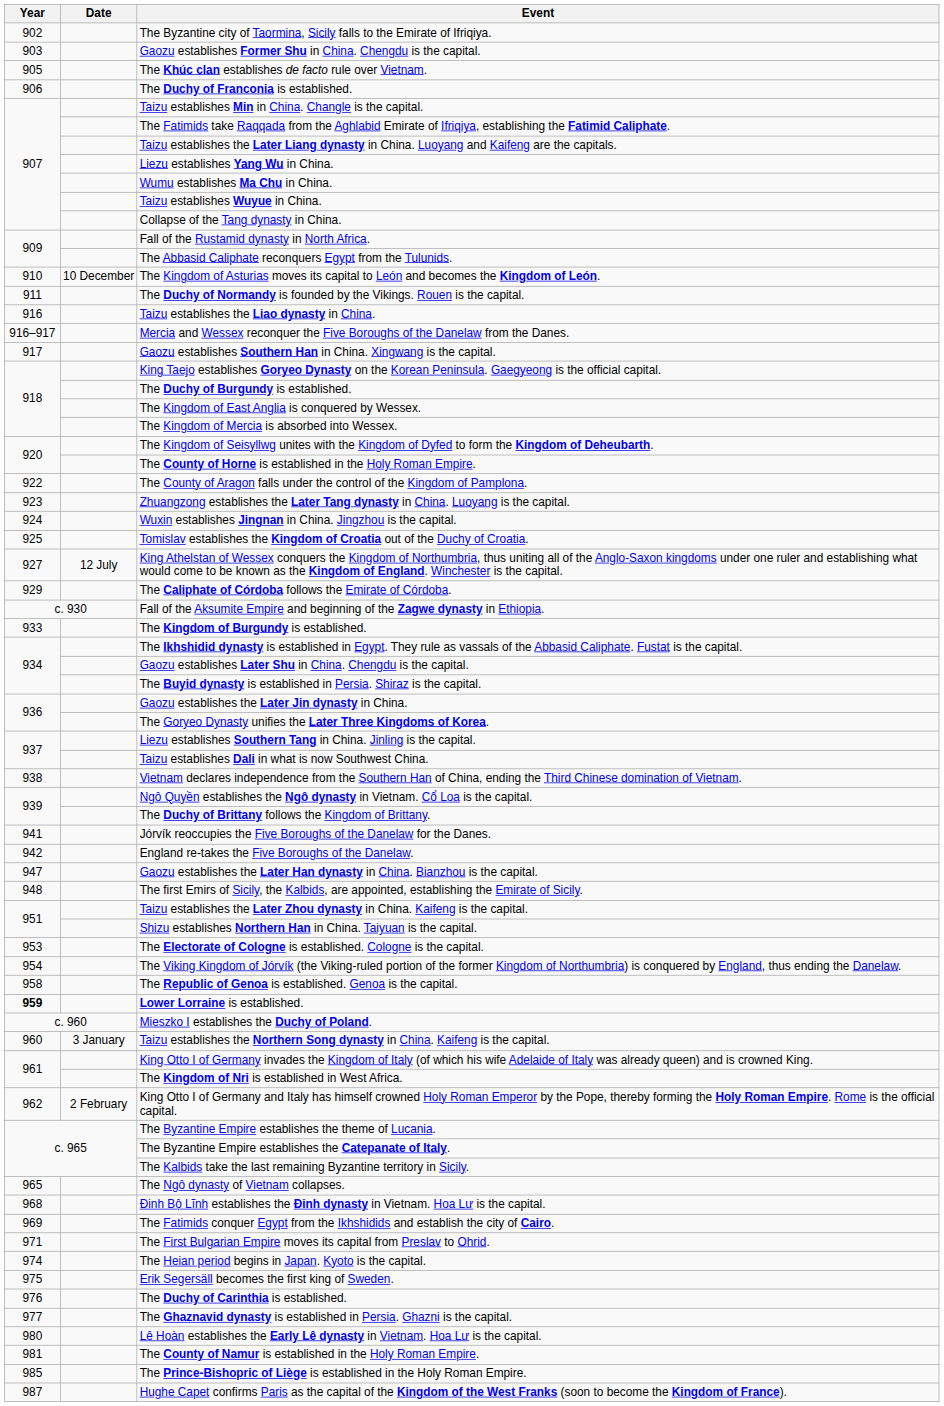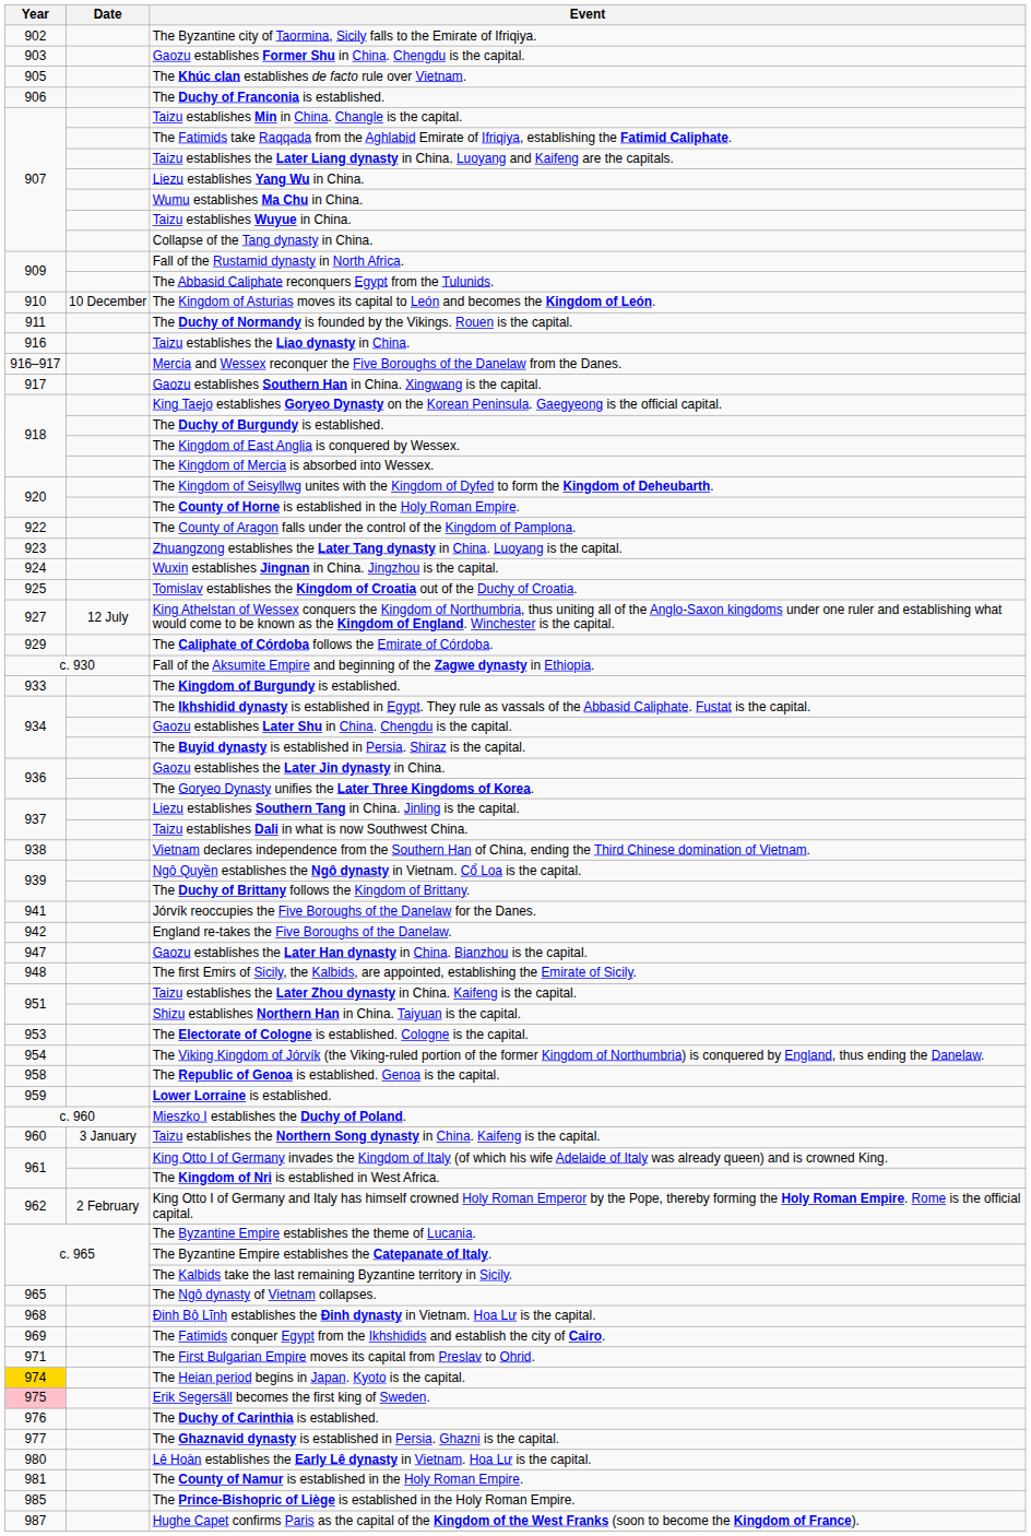 <table class=wikitable style="width:100%;">
 <tr>
 <th style="width:6%">Year</th>
 <th style="width:8%">Date</th>
 <th style="width:86%">Event</th>
 </tr>
 <tr>
 <td align=center>902</td>
 <td align=center></td>
 <td>The Byzantine city of <a href='#'>Taormina</a>, <a href='#'>Sicily</a> falls to the Emirate of Ifriqiya.</td>
 </tr>
 <tr>
 <td align=center>903</td>
 <td align=center></td>
 <td><a href='#'>Gaozu</a> establishes <strong><a href='#'>Former Shu</a></strong> in <a href='#'>China</a>. <a href='#'>Chengdu</a> is the capital.</td>
 </tr>
 <tr>
 <td align=center>905</td>
 <td align=center></td>
 <td>The <strong><a href='#'>Khúc clan</a></strong> establishes <em>de facto</em> rule over <a href='#'>Vietnam</a>.</td>
 </tr>
 <tr>
 <td align=center>906</td>
 <td align=center></td>
 <td>The <strong><a href='#'>Duchy of Franconia</a></strong> is established.</td>
 </tr>
 <tr>
 <td rowspan=7 align=center>907</td>
 <td align=center></td>
 <td><a href='#'>Taizu</a> establishes <strong><a href='#'>Min</a></strong> in <a href='#'>China</a>. <a href='#'>Changle</a> is the capital.</td>
 </tr>
 <tr>
 <td></td>
 <td>The <a href='#'>Fatimids</a> take <a href='#'>Raqqada</a> from the <a href='#'>Aghlabid</a> Emirate of <a href='#'>Ifriqiya</a>, establishing the <strong><a href='#'>Fatimid Caliphate</a></strong>.</td>
 </tr>
 <tr>
 <td></td>
 <td><a href='#'>Taizu</a> establishes the <strong><a href='#'>Later Liang dynasty</a></strong> in China. <a href='#'>Luoyang</a> and <a href='#'>Kaifeng</a> are the capitals.</td>
 </tr>
 <tr>
 <td></td>
 <td><a href='#'>Liezu</a> establishes <strong><a href='#'>Yang Wu</a></strong> in China.</td>
 </tr>
 <tr>
 <td></td>
 <td><a href='#'>Wumu</a> establishes <strong><a href='#'>Ma Chu</a></strong> in China.</td>
 </tr>
 <tr>
 <td></td>
 <td><a href='#'>Taizu</a> establishes <strong><a href='#'>Wuyue</a></strong> in China.</td>
 </tr>
 <tr>
 <td></td>
 <td>Collapse of the <a href='#'>Tang dynasty</a> in China.</td>
 </tr>
 <tr>
 <td rowspan=2 align=center>909</td>
 <td align=center></td>
 <td>Fall of the <a href='#'>Rustamid dynasty</a> in <a href='#'>North Africa</a>.</td>
 </tr>
 <tr>
 <td></td>
 <td>The <a href='#'>Abbasid Caliphate</a> reconquers <a href='#'>Egypt</a> from the <a href='#'>Tulunids</a>.</td>
 </tr>
 <tr>
 <td align=center>910</td>
 <td align=center>10 December</td>
 <td>The <a href='#'>Kingdom of Asturias</a> moves its capital to <a href='#'>León</a> and becomes the <strong><a href='#'>Kingdom of León</a></strong>.</td>
 </tr>
 <tr>
 <td align=center>911</td>
 <td align=center></td>
 <td>The <strong><a href='#'>Duchy of Normandy</a></strong> is founded by the Vikings. <a href='#'>Rouen</a> is the capital.</td>
 </tr>
 <tr>
 <td align=center>916</td>
 <td align=center></td>
 <td><a href='#'>Taizu</a> establishes the <strong><a href='#'>Liao dynasty</a></strong> in <a href='#'>China</a>.</td>
 </tr>
 <tr>
 <td align=center>916–917</td>
 <td align=center></td>
 <td><a href='#'>Mercia</a> and <a href='#'>Wessex</a> reconquer the <a href='#'>Five Boroughs of the Danelaw</a> from the Danes.</td>
 </tr>
 <tr>
 <td align=center>917</td>
 <td align=center></td>
 <td><a href='#'>Gaozu</a> establishes <strong><a href='#'>Southern Han</a></strong> in China. <a href='#'>Xingwang</a> is the capital.</td>
 </tr>
 <tr>
 <td rowspan=4 align=center>918</td>
 <td align=center></td>
 <td><a href='#'>King Taejo</a> establishes <strong><a href='#'>Goryeo Dynasty</a></strong> on the <a href='#'>Korean Peninsula</a>. <a href='#'>Gaegyeong</a> is the official capital.</td>
 </tr>
 <tr>
 <td></td>
 <td>The <strong><a href='#'>Duchy of Burgundy</a></strong> is established.</td>
 </tr>
 <tr>
 <td></td>
 <td>The <a href='#'>Kingdom of East Anglia</a> is conquered by Wessex.</td>
 </tr>
 <tr>
 <td></td>
 <td>The <a href='#'>Kingdom of Mercia</a> is absorbed into Wessex.</td>
 </tr>
 <tr>
 <td rowspan=2 align=center>920</td>
 <td align=center></td>
 <td>The <a href='#'>Kingdom of Seisyllwg</a> unites with the <a href='#'>Kingdom of Dyfed</a> to form the <strong><a href='#'>Kingdom of Deheubarth</a></strong>.</td>
 </tr>
 <tr>
 <td></td>
 <td>The <strong><a href='#'>County of Horne</a></strong> is established in the <a href='#'>Holy Roman Empire</a>.</td>
 </tr>
 <tr>
 <td align=center>922</td>
 <td align=center></td>
 <td>The <a href='#'>County of Aragon</a> falls under the control of the <a href='#'>Kingdom of Pamplona</a>.</td>
 </tr>
 <tr>
 <td align=center>923</td>
 <td align=center></td>
 <td><a href='#'>Zhuangzong</a> establishes the <strong><a href='#'>Later Tang dynasty</a></strong> in <a href='#'>China</a>. <a href='#'>Luoyang</a> is the capital.</td>
 </tr>
 <tr>
 <td align=center>924</td>
 <td align=center></td>
 <td><a href='#'>Wuxin</a> establishes <strong><a href='#'>Jingnan</a></strong> in China. <a href='#'>Jingzhou</a> is the capital.</td>
 </tr>
 <tr>
 <td align=center>925</td>
 <td align=center></td>
 <td><a href='#'>Tomislav</a> establishes the <strong><a href='#'>Kingdom of Croatia</a></strong> out of the <a href='#'>Duchy of Croatia</a>.</td>
 </tr>
 <tr>
 <td align=center>927</td>
 <td align=center>12 July</td>
 <td><a href='#'>King Athelstan of Wessex</a> conquers the <a href='#'>Kingdom of Northumbria</a>, thus uniting all of the <a href='#'>Anglo-Saxon kingdoms</a> under one ruler and establishing what would come to be known as the <strong><a href='#'>Kingdom of England</a></strong>. <a href='#'>Winchester</a> is the capital.</td>
 </tr>
 <tr>
 <td align=center>929</td>
 <td align=center></td>
 <td>The <strong><a href='#'>Caliphate of Córdoba</a></strong> follows the <a href='#'>Emirate of Córdoba</a>.</td>
 </tr>
 <tr>
 <td align=center colspan=2>c. 930</td>
 <td>Fall of the <a href='#'>Aksumite Empire</a> and beginning of the <strong><a href='#'>Zagwe dynasty</a></strong> in <a href='#'>Ethiopia</a>.</td>
 </tr>
 <tr>
 <td align=center>933</td>
 <td align=center></td>
 <td>The <strong><a href='#'>Kingdom of Burgundy</a></strong> is established.</td>
 </tr>
 <tr>
 <td rowspan=3 align=center>934</td>
 <td align=center></td>
 <td>The <strong><a href='#'>Ikhshidid dynasty</a></strong> is established in <a href='#'>Egypt</a>. They rule as vassals of the <a href='#'>Abbasid Caliphate</a>. <a href='#'>Fustat</a> is the capital.</td>
 </tr>
 <tr>
 <td></td>
 <td><a href='#'>Gaozu</a> establishes <strong><a href='#'>Later Shu</a></strong> in <a href='#'>China</a>. <a href='#'>Chengdu</a> is the capital.</td>
 </tr>
 <tr>
 <td></td>
 <td>The <strong><a href='#'>Buyid dynasty</a></strong> is established in <a href='#'>Persia</a>. <a href='#'>Shiraz</a> is the capital.</td>
 </tr>
 <tr>
 <td align=center rowspan=2>936</td>
 <td align=center></td>
 <td><a href='#'>Gaozu</a> establishes the <strong><a href='#'>Later Jin dynasty</a></strong> in China.</td>
 </tr>
 <tr>
 <td></td>
 <td>The <a href='#'>Goryeo Dynasty</a> unifies the <strong><a href='#'>Later Three Kingdoms of Korea</a></strong>.</td>
 </tr>
 <tr>
 <td align=center rowspan=2>937</td>
 <td align=center></td>
 <td><a href='#'>Liezu</a> establishes <strong><a href='#'>Southern Tang</a></strong> in China. <a href='#'>Jinling</a> is the capital.</td>
 </tr>
 <tr>
 <td></td>
 <td><a href='#'>Taizu</a> establishes <strong><a href='#'>Dali</a></strong> in what is now Southwest China.</td>
 </tr>
 <tr>
 <td align=center>938</td>
 <td align=center></td>
 <td><a href='#'>Vietnam</a> declares independence from the <a href='#'>Southern Han</a> of China, ending the <a href='#'>Third Chinese domination of Vietnam</a>.</td>
 </tr>
 <tr>
 <td rowspan=2 align=center>939</td>
 <td align=center></td>
 <td><a href='#'>Ngô Quyền</a> establishes the <strong><a href='#'>Ngô dynasty</a></strong> in Vietnam. <a href='#'>Cổ Loa</a> is the capital.</td>
 </tr>
 <tr>
 <td></td>
 <td>The <strong><a href='#'>Duchy of Brittany</a></strong> follows the <a href='#'>Kingdom of Brittany</a>.</td>
 </tr>
 <tr>
 <td align=center>941</td>
 <td align=center></td>
 <td>Jórvík reoccupies the <a href='#'>Five Boroughs of the Danelaw</a> for the Danes.</td>
 </tr>
 <tr>
 <td align=center>942</td>
 <td align=center></td>
 <td>England re-takes the <a href='#'>Five Boroughs of the Danelaw</a>.</td>
 </tr>
 <tr>
 <td align=center>947</td>
 <td align=center></td>
 <td><a href='#'>Gaozu</a> establishes the <strong><a href='#'>Later Han dynasty</a></strong> in <a href='#'>China</a>. <a href='#'>Bianzhou</a> is the capital.</td>
 </tr>
 <tr>
 <td align=center>948</td>
 <td align=center></td>
 <td>The first Emirs of <a href='#'>Sicily</a>, the <a href='#'>Kalbids</a>, are appointed, establishing the <a href='#'>Emirate of Sicily</a>.</td>
 </tr>
 <tr>
 <td align=center rowspan=2>951</td>
 <td align=center></td>
 <td><a href='#'>Taizu</a> establishes the <strong><a href='#'>Later Zhou dynasty</a></strong> in China. <a href='#'>Kaifeng</a> is the capital.</td>
 </tr>
 <tr>
 <td></td>
 <td><a href='#'>Shizu</a> establishes <strong><a href='#'>Northern Han</a></strong> in China. <a href='#'>Taiyuan</a> is the capital.</td>
 </tr>
 <tr>
 <td align=center>953</td>
 <td align=center></td>
 <td>The <strong><a href='#'>Electorate of Cologne</a></strong> is established. <a href='#'>Cologne</a> is the capital.</td>
 </tr>
 <tr>
 <td align=center>954</td>
 <td align=center></td>
 <td>The <a href='#'>Viking Kingdom of Jórvík</a> (the Viking-ruled portion of the former <a href='#'>Kingdom of Northumbria</a>) is conquered by <a href='#'>England</a>, thus ending the <a href='#'>Danelaw</a>.</td>
 </tr>
 <tr>
 <td align=center>958</td>
 <td align=center></td>
 <td>The <strong><a href='#'>Republic of Genoa</a></strong> is established. <a href='#'>Genoa</a> is the capital.</td>
 </tr>
 <tr>
-<td align=center><strong>959</strong></td>
+<td align=center>959</td>
 <td align=center></td>
 <td><strong><a href='#'>Lower Lorraine</a></strong> is established.</td>
 </tr>
 <tr>
 <td align=center colspan=2>c. 960</td>
 <td><a href='#'>Mieszko I</a> establishes the <strong><a href='#'>Duchy of Poland</a></strong>.</td>
 </tr>
 <tr>
 <td align=center>960</td>
 <td align=center>3 January</td>
 <td><a href='#'>Taizu</a> establishes the <strong><a href='#'>Northern Song dynasty</a></strong> in <a href='#'>China</a>. <a href='#'>Kaifeng</a> is the capital.</td>
 </tr>
 <tr>
 <td rowspan=2 align=center>961</td>
 <td align=center></td>
 <td><a href='#'>King Otto I of Germany</a> invades the <a href='#'>Kingdom of Italy</a> (of which his wife <a href='#'>Adelaide of Italy</a> was already queen) and is crowned King.</td>
 </tr>
 <tr>
 <td></td>
 <td>The <strong><a href='#'>Kingdom of Nri</a></strong> is established in West Africa.</td>
 </tr>
 <tr>
 <td align=center>962</td>
 <td align=center>2 February</td>
 <td>King Otto I of Germany and Italy has himself crowned <a href='#'>Holy Roman Emperor</a> by the Pope, thereby forming the <strong><a href='#'>Holy Roman Empire</a></strong>. <a href='#'>Rome</a> is the official capital.</td>
 </tr>
 <tr>
 <td rowspan=3 colspan=2 align=center>c. 965</td>
 <td>The <a href='#'>Byzantine Empire</a> establishes the theme of <a href='#'>Lucania</a>.</td>
 </tr>
 <tr>
 <td>The Byzantine Empire establishes the <strong><a href='#'>Catepanate of Italy</a></strong>.</td>
 </tr>
 <tr>
 <td>The <a href='#'>Kalbids</a> take the last remaining Byzantine territory in <a href='#'>Sicily</a>.</td>
 </tr>
 <tr>
 <td align=center>965</td>
 <td align=center></td>
 <td>The <a href='#'>Ngô dynasty</a> of <a href='#'>Vietnam</a> collapses.</td>
 </tr>
 <tr>
 <td align=center>968</td>
 <td align=center></td>
 <td><a href='#'>Đinh Bộ Lĩnh</a> establishes the <strong><a href='#'>Đinh dynasty</a></strong> in Vietnam. <a href='#'>Hoa Lư</a> is the capital.</td>
 </tr>
 <tr>
 <td align=center>969</td>
 <td align=center></td>
 <td>The <a href='#'>Fatimids</a> conquer <a href='#'>Egypt</a> from the <a href='#'>Ikhshidids</a> and establish the city of <strong><a href='#'>Cairo</a></strong>.</td>
 </tr>
 <tr>
 <td align=center>971</td>
 <td align=center></td>
 <td>The <a href='#'>First Bulgarian Empire</a> moves its capital from <a href='#'>Preslav</a> to <a href='#'>Ohrid</a>.</td>
 </tr>
 <tr>
-<td align=center>974</td>
+<td align=center style="background: gold;">974</td>
 <td align=center></td>
 <td>The <a href='#'>Heian period</a> begins in <a href='#'>Japan</a>. <a href='#'>Kyoto</a> is the capital.</td>
 </tr>
 <tr>
-<td align=center>975</td>
+<td align=center style="background: pink;">975</td>
 <td align=center></td>
 <td><a href='#'>Erik Segersäll</a> becomes the first king of <a href='#'>Sweden</a>.</td>
 </tr>
 <tr>
 <td align=center>976</td>
 <td align=center></td>
 <td>The <strong><a href='#'>Duchy of Carinthia</a></strong> is established.</td>
 </tr>
 <tr>
 <td align=center>977</td>
 <td align=center></td>
 <td>The <strong><a href='#'>Ghaznavid dynasty</a></strong> is established in <a href='#'>Persia</a>. <a href='#'>Ghazni</a> is the capital.</td>
 </tr>
 <tr>
 <td align=center>980</td>
 <td align=center></td>
 <td><a href='#'>Lê Hoàn</a> establishes the <strong><a href='#'>Early Lê dynasty</a></strong> in <a href='#'>Vietnam</a>. <a href='#'>Hoa Lư</a> is the capital.</td>
 </tr>
 <tr>
 <td align=center>981</td>
 <td align=center></td>
 <td>The <strong><a href='#'>County of Namur</a></strong> is established in the <a href='#'>Holy Roman Empire</a>.</td>
 </tr>
 <tr>
 <td align=center>985</td>
 <td align=center></td>
 <td>The <strong><a href='#'>Prince-Bishopric of Liège</a></strong> is established in the Holy Roman Empire.</td>
 </tr>
 <tr>
 <td align=center>987</td>
 <td align=center></td>
 <td><a href='#'>Hughe Capet</a> confirms <a href='#'>Paris</a> as the capital of the <strong><a href='#'>Kingdom of the West Franks</a></strong> (soon to become the <strong><a href='#'>Kingdom of France</a></strong>).</td>
 </tr>
 </table>
